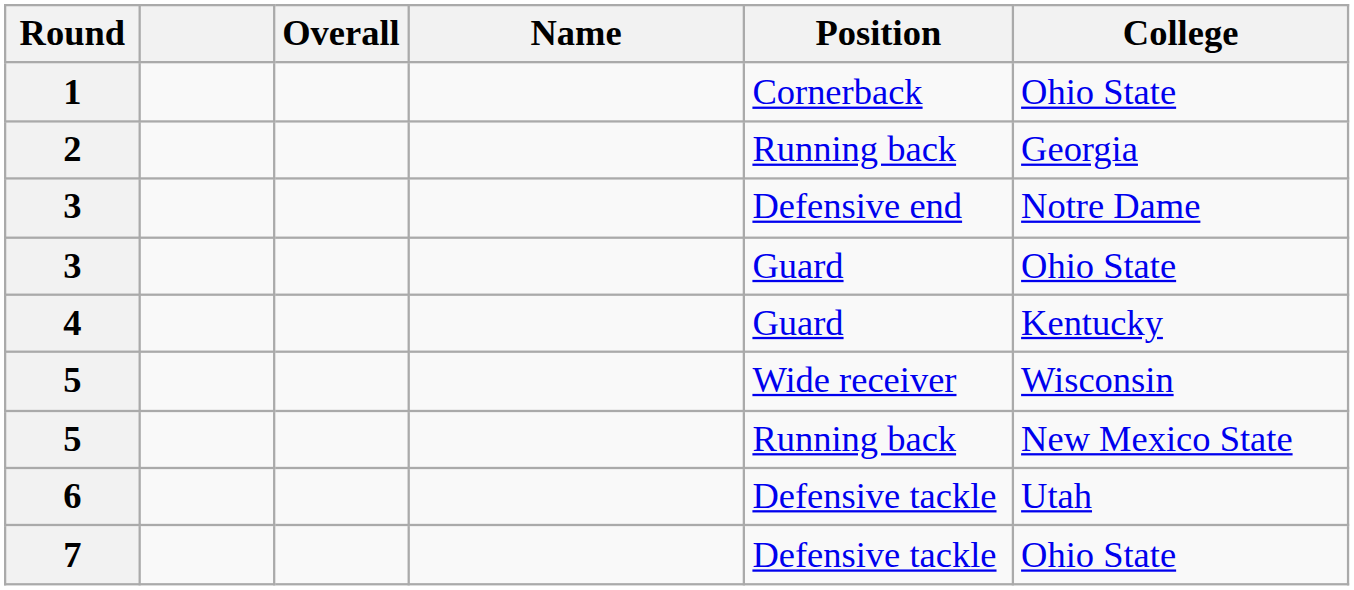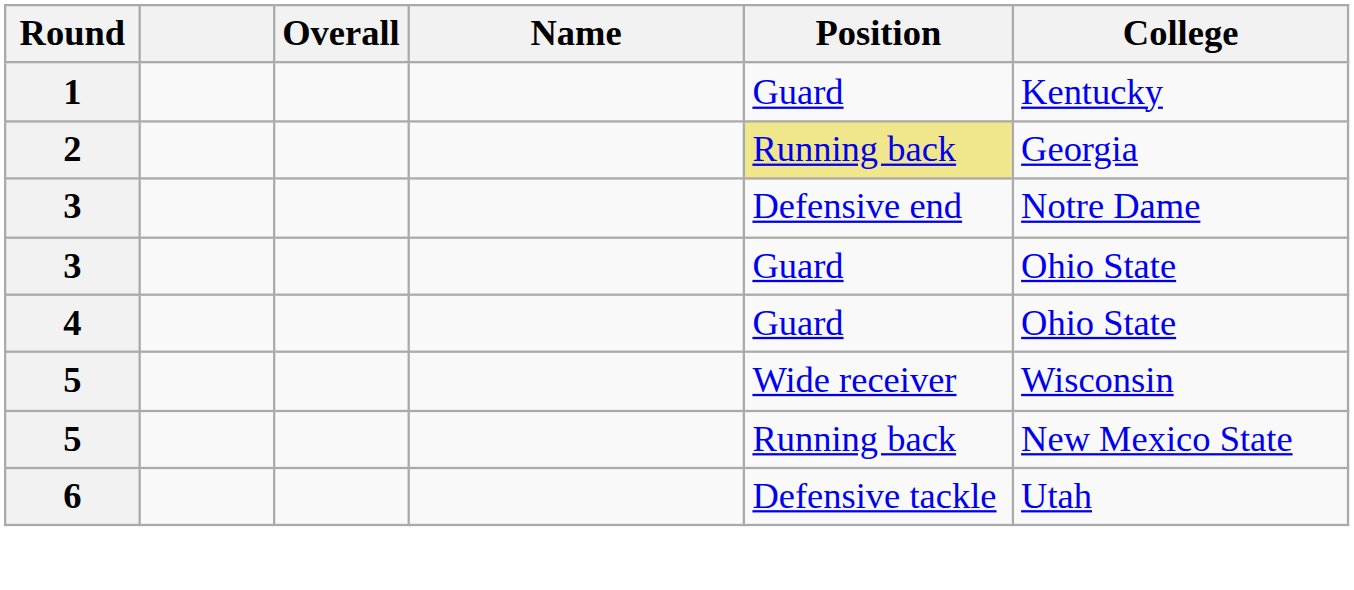 <table class="wikitable sortable">
 <tr>
 <th scope="col" style="width: 10%;">Round</th>
 <th scope="col" style="width: 10%;"></th>
 <th scope="col" style="width: 10%;">Overall</th>
 <th scope="col" style="width: 25%;">Name</th>
 <th scope="col" style="width: 20%;">Position</th>
 <th scope="col" style="width: 25%;">College</th>
 </tr>
 <tr>
 <th scope="row">1</th>
 <td></td>
 <td></td>
 <td></td>
-<td><a href='#'>Cornerback</a></td>
-<td><a href='#'>Ohio State</a></td>
+<td><a href='#'>Guard</a></td>
+<td><a href='#'>Kentucky</a></td>
 </tr>
 <tr>
 <th scope="row">2</th>
 <td></td>
 <td></td>
 <td></td>
-<td><a href='#'>Running back</a></td>
+<td style="background: khaki;"><a href='#'>Running back</a></td>
 <td><a href='#'>Georgia</a></td>
 </tr>
 <tr>
 <th scope="row">3</th>
 <td></td>
 <td></td>
 <td></td>
 <td><a href='#'>Defensive end</a></td>
 <td><a href='#'>Notre Dame</a></td>
 </tr>
 <tr>
 <th scope="row">3</th>
 <td></td>
 <td></td>
 <td></td>
 <td><a href='#'>Guard</a></td>
 <td><a href='#'>Ohio State</a></td>
 </tr>
 <tr>
 <th scope="row">4</th>
 <td></td>
 <td></td>
 <td></td>
 <td><a href='#'>Guard</a></td>
-<td><a href='#'>Kentucky</a></td>
+<td><a href='#'>Ohio State</a></td>
 </tr>
 <tr>
 <th scope="row">5</th>
 <td></td>
 <td></td>
 <td></td>
 <td><a href='#'>Wide receiver</a></td>
 <td><a href='#'>Wisconsin</a></td>
 </tr>
 <tr>
 <th scope="row">5</th>
 <td></td>
 <td></td>
 <td></td>
 <td><a href='#'>Running back</a></td>
 <td><a href='#'>New Mexico State</a></td>
 </tr>
 <tr>
 <th scope="row">6</th>
 <td></td>
 <td></td>
 <td></td>
 <td><a href='#'>Defensive tackle</a></td>
 <td><a href='#'>Utah</a></td>
 </tr>
-<tr>
-<th scope="row">7</th>
-<td></td>
-<td></td>
-<td></td>
-<td><a href='#'>Defensive tackle</a></td>
-<td><a href='#'>Ohio State</a></td>
-</tr>
 </table>
